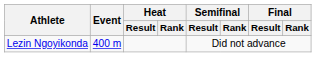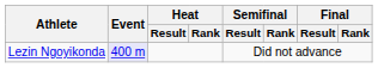 <table class=wikitable style="font-size:90%">
 <tr>
 <th rowspan="2">Athlete</th>
 <th rowspan="2">Event</th>
 <th colspan="2">Heat</th>
 <th colspan="2">Semifinal</th>
 <th colspan="2">Final</th>
 </tr>
 <tr style="font-size:95%">
 <th>Result</th>
 <th>Rank</th>
 <th>Result</th>
 <th>Rank</th>
 <th>Result</th>
 <th>Rank</th>
 </tr>
 <tr align=center>
 <td align=left><a href='#'>Lezin Ngoyikonda</a></td>
-<td align=left><a href='#'>400 m</a></td>
+<td align=left style="background: lavender;"><a href='#'>400 m</a></td>
 <td colspan=2></td>
 <td colspan=4>Did not advance</td>
 </tr>
 </table>
